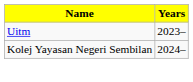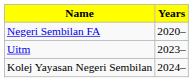 <table class="wikitable">
 <tr>
 <th style="background:yellow">Name</th>
 <th style="background:yellow">Years</th>
+</tr>
+<tr>
+<td><a href='#'>Negeri Sembilan FA</a></td>
+<td>2020–</td>
 </tr>
 <tr>
 <td><a href='#'>Uitm</a></td>
 <td>2023–</td>
 </tr>
 <tr>
 <td>Kolej Yayasan Negeri Sembilan</td>
 <td>2024–</td>
 </tr>
 </table>
